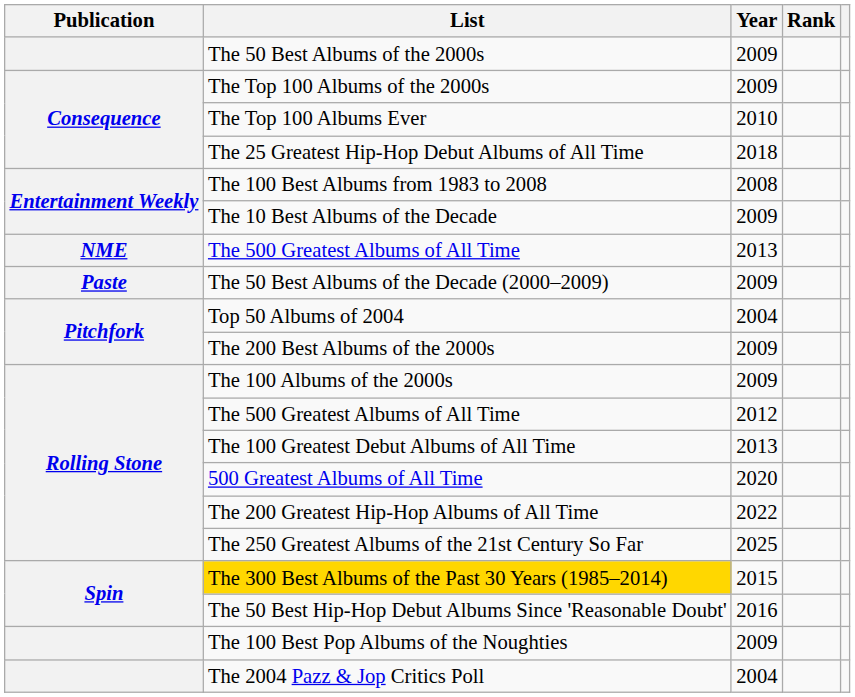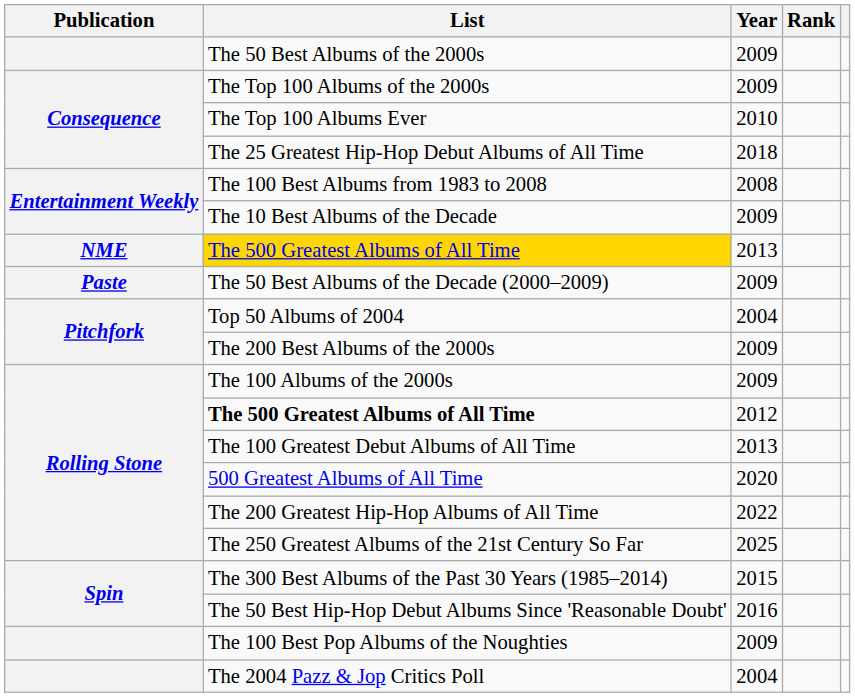 <table class="wikitable sortable plainrowheaders" style="border:none; margin:0;">
 <tr>
 <th scope="col">Publication</th>
 <th scope="col" class="unsortable">List</th>
 <th scope="col" data-sort-type="number">Year</th>
 <th scope="col" data-sort-type="number">Rank</th>
 <th scope="col" class="unsortable"></th>
 </tr>
 <tr>
 <th scope="row"></th>
 <td>The 50 Best Albums of the 2000s</td>
 <td>2009</td>
 <td></td>
 <td></td>
 </tr>
 <tr>
 <th scope="row" rowspan="3"><em><a href='#'>Consequence</a></em></th>
 <td>The Top 100 Albums of the 2000s</td>
 <td>2009</td>
 <td></td>
 <td></td>
 </tr>
 <tr>
 <td>The Top 100 Albums Ever</td>
 <td>2010</td>
 <td></td>
 <td></td>
 </tr>
 <tr>
 <td>The 25 Greatest Hip-Hop Debut Albums of All Time</td>
 <td>2018</td>
 <td></td>
 <td></td>
 </tr>
 <tr>
 <th scope="row" rowspan="2"><em><a href='#'>Entertainment Weekly</a></em></th>
 <td>The 100 Best Albums from 1983 to 2008</td>
 <td>2008</td>
 <td></td>
 <td></td>
 </tr>
 <tr>
 <td>The 10 Best Albums of the Decade</td>
 <td>2009</td>
 <td></td>
 <td></td>
 </tr>
 <tr>
 <th scope="row"><em><a href='#'>NME</a></em></th>
-<td><a href='#'>The 500 Greatest Albums of All Time</a></td>
+<td style="background: gold;"><a href='#'>The 500 Greatest Albums of All Time</a></td>
 <td>2013</td>
 <td></td>
 <td></td>
 </tr>
 <tr>
 <th scope="row"><em><a href='#'>Paste</a></em></th>
 <td>The 50 Best Albums of the Decade (2000–2009)</td>
 <td>2009</td>
 <td></td>
 <td></td>
 </tr>
 <tr>
 <th scope="row" rowspan="2"><em><a href='#'>Pitchfork</a></em></th>
 <td>Top 50 Albums of 2004</td>
 <td>2004</td>
 <td></td>
 <td></td>
 </tr>
 <tr>
 <td>The 200 Best Albums of the 2000s</td>
 <td>2009</td>
 <td></td>
 <td></td>
 </tr>
 <tr>
 <th scope="row" rowspan="6"><em><a href='#'>Rolling Stone</a></em></th>
 <td>The 100 Albums of the 2000s</td>
 <td>2009</td>
 <td></td>
 <td></td>
 </tr>
 <tr>
-<td>The 500 Greatest Albums of All Time</td>
+<td><strong>The 500 Greatest Albums of All Time</strong></td>
 <td>2012</td>
 <td></td>
 <td></td>
 </tr>
 <tr>
 <td>The 100 Greatest Debut Albums of All Time</td>
 <td>2013</td>
 <td></td>
 <td></td>
 </tr>
 <tr>
 <td><a href='#'>500 Greatest Albums of All Time</a></td>
 <td>2020</td>
 <td></td>
 <td></td>
 </tr>
 <tr>
 <td>The 200 Greatest Hip-Hop Albums of All Time</td>
 <td>2022</td>
 <td></td>
 <td></td>
 </tr>
 <tr>
 <td>The 250 Greatest Albums of the 21st Century So Far</td>
 <td>2025</td>
 <td></td>
 <td></td>
 </tr>
 <tr>
 <th scope="row" rowspan="2"><em><a href='#'>Spin</a></em></th>
-<td style="background: gold;">The 300 Best Albums of the Past 30 Years (1985–2014)</td>
+<td>The 300 Best Albums of the Past 30 Years (1985–2014)</td>
 <td>2015</td>
 <td></td>
 <td></td>
 </tr>
 <tr>
 <td>The 50 Best Hip-Hop Debut Albums Since 'Reasonable Doubt'</td>
 <td>2016</td>
 <td></td>
 <td></td>
 </tr>
 <tr>
 <th scope="row"></th>
 <td>The 100 Best Pop Albums of the Noughties</td>
 <td>2009</td>
 <td></td>
 <td></td>
 </tr>
 <tr>
 <th scope="row"></th>
 <td>The 2004 <a href='#'>Pazz & Jop</a> Critics Poll</td>
 <td>2004</td>
 <td></td>
 <td></td>
 </tr>
 </table>
